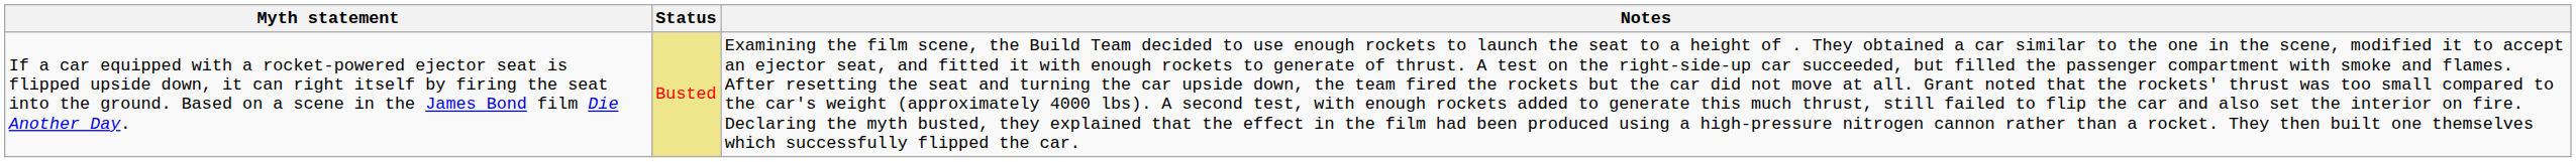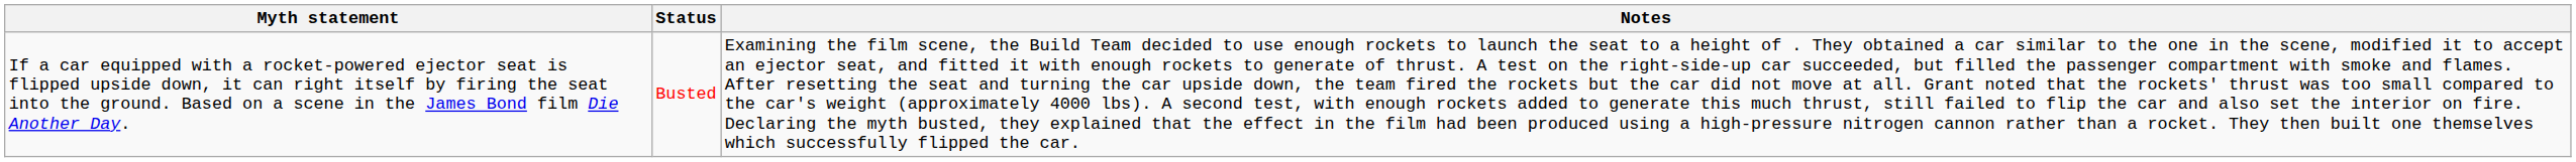 <table class="wikitable plainrowheaders">
 <tr>
 <th>Myth statement</th>
 <th>Status</th>
 <th>Notes</th>
 </tr>
 <tr>
 <td>If a car equipped with a rocket-powered ejector seat is flipped upside down, it can right itself by firing the seat into the ground. Based on a scene in the <a href='#'>James Bond</a> film <em><a href='#'>Die Another Day</a></em>.</td>
-<td style="background: khaki; color:red">Busted</td>
+<td style="color:red">Busted</td>
 <td>Examining the film scene, the Build Team decided to use enough rockets to launch the seat to a height of . They obtained a car similar to the one in the scene, modified it to accept an ejector seat, and fitted it with enough rockets to generate  of thrust. A test on the right-side-up car succeeded, but filled the passenger compartment with smoke and flames.<br>After resetting the seat and turning the car upside down, the team fired the rockets but the car did not move at all. Grant noted that the rockets' thrust was too small compared to the car's weight (approximately 4000 lbs). A second test, with enough rockets added to generate this much thrust, still failed to flip the car and also set the interior on fire. Declaring the myth busted, they explained that the effect in the film had been produced using a high-pressure nitrogen cannon rather than a rocket. They then built one themselves which successfully flipped the car.</td>
 </tr>
 </table>
